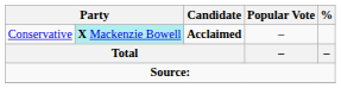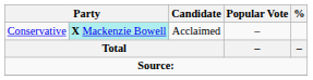 <table class="wikitable">
 <tr>
 <th colspan="2">Party</th>
 <th>Candidate</th>
 <th>Popular Vote</th>
 <th>%</th>
 </tr>
 <tr>
 <td><a href='#'>Conservative</a></td>
 <td style="background: paleturquoise;"> <strong>X</strong> <a href='#'>Mackenzie Bowell</a></td>
-<td align=center><strong>Acclaimed</strong></td>
+<td align=center>Acclaimed</td>
 <td align=center>–</td>
 </tr>
 <tr>
 <th colspan=3 align=center>Total</th>
 <th align=right>–</th>
 <th align=right>–</th>
 </tr>
 <tr>
 <td align="center" colspan=5><strong>Source:</strong> </td>
 </tr>
 <tr>
 </tr>
 </table>
